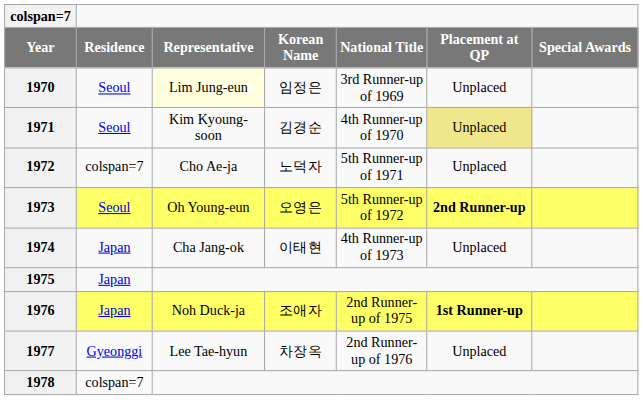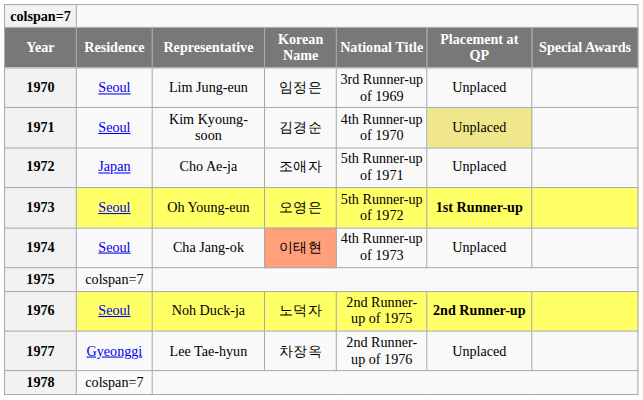 <table class="wikitable sortable" style="font-size: 85%; text-align:center">
 <tr>
 <th>colspan=7 </th>
 </tr>
 <tr>
 <th width="80" style="background-color:#787878;color:#FFFFFF;">Year</th>
 <th width="100" style="background-color:#787878;color:#FFFFFF;">Residence</th>
 <th width="160" style="background-color:#787878;color:#FFFFFF;">Representative</th>
 <th width="140" style="background-color:#787878;color:#FFFFFF;">Korean Name</th>
 <th width="200" style="background-color:#787878;color:#FFFFFF;">National Title</th>
 <th width="230" style="background-color:#787878;color:#FFFFFF;">Placement at QP</th>
 <th width="300" style="background-color:#787878;color:#FFFFFF;">Special Awards</th>
 </tr>
 <tr>
 <th>1970</th>
 <td><a href='#'>Seoul</a></td>
-<td style="background: lightyellow;">Lim Jung-eun</td>
+<td>Lim Jung-eun</td>
 <td>임정은</td>
 <td>3rd Runner-up of 1969</td>
 <td>Unplaced</td>
 <td></td>
 </tr>
 <tr>
 <th>1971</th>
 <td><a href='#'>Seoul</a></td>
 <td>Kim Kyoung-soon</td>
 <td>김경순</td>
 <td>4th Runner-up of 1970</td>
 <td style="background: khaki;">Unplaced</td>
 <td></td>
 </tr>
 <tr>
 <th>1972</th>
-<td>colspan=7 </td>
+<td><a href='#'>Japan</a></td>
 <td>Cho Ae-ja</td>
-<td>노덕자</td>
+<td>조애자</td>
 <td>5th Runner-up of 1971</td>
 <td>Unplaced</td>
 <td></td>
 </tr>
 <tr style="background-color:#FFFF66; ">
 <th>1973</th>
 <td><a href='#'>Seoul</a></td>
 <td>Oh Young-eun</td>
 <td>오영은</td>
 <td>5th Runner-up of 1972</td>
-<td><strong>2nd Runner-up</strong></td>
+<td><strong>1st Runner-up</strong></td>
 <td></td>
 </tr>
 <tr>
 <th>1974</th>
-<td><a href='#'>Japan</a></td>
+<td><a href='#'>Seoul</a></td>
 <td>Cha Jang-ok</td>
-<td>이태현</td>
+<td style="background: lightsalmon;">이태현</td>
 <td>4th Runner-up of 1973</td>
 <td>Unplaced</td>
 <td></td>
 </tr>
 <tr>
 <th>1975</th>
-<td><a href='#'>Japan</a></td>
+<td>colspan=7 </td>
 </tr>
 <tr style="background-color:#FFFF66; ">
 <th>1976</th>
-<td><a href='#'>Japan</a></td>
+<td><a href='#'>Seoul</a></td>
 <td>Noh Duck-ja</td>
-<td>조애자</td>
+<td>노덕자</td>
 <td>2nd Runner-up of 1975</td>
-<td><strong>1st Runner-up</strong></td>
+<td><strong>2nd Runner-up</strong></td>
 <td></td>
 </tr>
 <tr>
 <th>1977</th>
 <td><a href='#'>Gyeonggi</a></td>
 <td>Lee Tae-hyun</td>
 <td>차장옥</td>
 <td>2nd Runner-up of 1976</td>
 <td>Unplaced</td>
 <td></td>
 </tr>
 <tr>
 <th>1978</th>
 <td>colspan=7 </td>
 </tr>
 </table>
